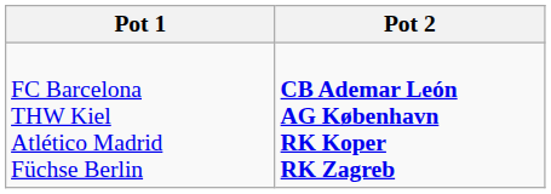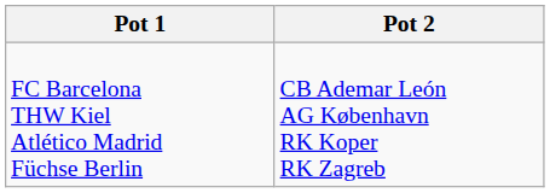 <table class="wikitable">
 <tr>
 <th width=175>Pot 1</th>
 <th width=175>Pot 2</th>
 </tr>
 <tr>
 <td><br> <a href='#'>FC Barcelona</a><br>  <a href='#'>THW Kiel</a><br>  <a href='#'>Atlético Madrid</a><br>  <a href='#'>Füchse Berlin</a></td>
-<td><strong><br> <a href='#'>CB Ademar León</a><br>  <a href='#'>AG København</a><br>  <a href='#'>RK Koper</a><br>  <a href='#'>RK Zagreb</a></strong></td>
+<td><br> <a href='#'>CB Ademar León</a><br>  <a href='#'>AG København</a><br>  <a href='#'>RK Koper</a><br>  <a href='#'>RK Zagreb</a></td>
 </tr>
 </table>
